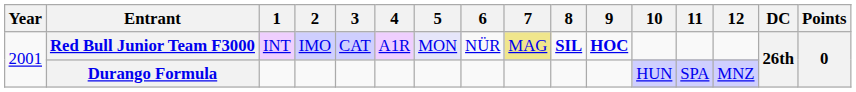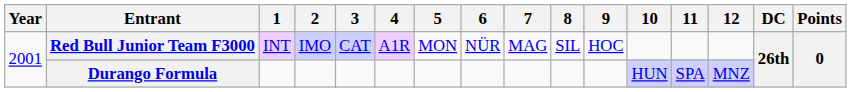 <table class="wikitable" style="text-align:center; font-size:85%">
 <tr>
 <th>Year</th>
 <th>Entrant</th>
 <th>1</th>
 <th>2</th>
 <th>3</th>
 <th>4</th>
 <th>5</th>
 <th>6</th>
 <th>7</th>
 <th>8</th>
 <th>9</th>
 <th>10</th>
 <th>11</th>
 <th>12</th>
 <th>DC</th>
 <th>Points</th>
 </tr>
 <tr>
 <td rowspan=2><a href='#'>2001</a></td>
 <th nowrap><a href='#'>Red Bull Junior Team F3000</a></th>
 <td style="background:#EFCFFF;"><a href='#'>INT</a><br></td>
 <td style="background:#CFCFFF;"><a href='#'>IMO</a><br></td>
 <td style="background:#CFCFFF;"><a href='#'>CAT</a><br></td>
 <td style="background:#EFCFFF;"><a href='#'>A1R</a><br></td>
-<td style="background: lavender;"><a href='#'>MON</a></td>
+<td><a href='#'>MON</a></td>
 <td><a href='#'>NÜR</a></td>
-<td style="background: khaki;"><a href='#'>MAG</a></td>
-<td><strong><a href='#'>SIL</a></strong></td>
-<td><strong><a href='#'>HOC</a></strong></td>
+<td><a href='#'>MAG</a></td>
+<td><a href='#'>SIL</a></td>
+<td><a href='#'>HOC</a></td>
 <td></td>
 <td></td>
 <td></td>
 <th rowspan=2>26th</th>
 <th rowspan=2>0</th>
 </tr>
 <tr>
 <th nowrap><a href='#'>Durango Formula</a></th>
 <td></td>
 <td></td>
 <td></td>
 <td></td>
 <td></td>
 <td></td>
 <td></td>
 <td></td>
 <td></td>
 <td style="background:#CFCFFF;"><a href='#'>HUN</a><br></td>
 <td style="background:#CFCFFF;"><a href='#'>SPA</a><br></td>
 <td style="background:#CFCFFF;"><a href='#'>MNZ</a><br></td>
 </tr>
 </table>
